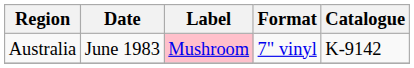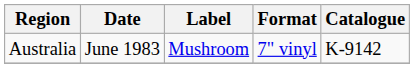 <table class="wikitable">
 <tr>
 <th>Region</th>
 <th>Date</th>
 <th>Label</th>
 <th>Format</th>
 <th>Catalogue</th>
 </tr>
 <tr>
 <td>Australia</td>
 <td>June 1983</td>
-<td style="background: pink;"><a href='#'>Mushroom</a></td>
+<td><a href='#'>Mushroom</a></td>
 <td><a href='#'>7" vinyl</a></td>
 <td>K-9142</td>
 </tr>
 <tr>
 </tr>
 </table>
